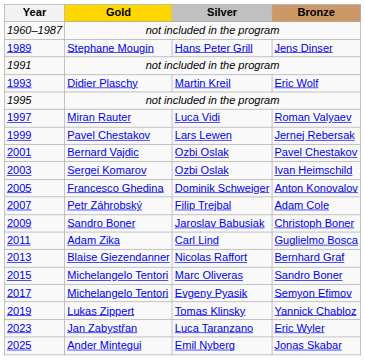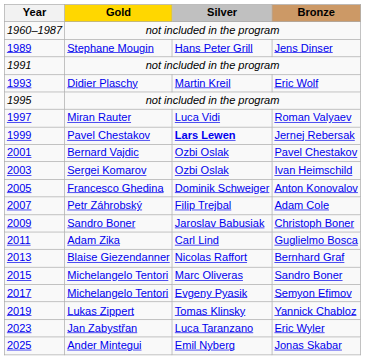 <table class="wikitable">
 <tr>
 <th>Year</th>
 <td align=center bgcolor=gold><strong>Gold</strong></td>
 <td align=center bgcolor=silver><strong>Silver</strong></td>
 <td align=center bgcolor=cc9966><strong>Bronze</strong></td>
 </tr>
 <tr>
 <td><em>1960–1987</em></td>
 <td colspan=3 align=center><em>not included in the program</em></td>
 </tr>
 <tr>
 <td><a href='#'>1989</a></td>
 <td> <a href='#'>Stephane Mougin</a></td>
 <td> <a href='#'>Hans Peter Grill</a></td>
 <td> <a href='#'>Jens Dinser</a></td>
 </tr>
 <tr>
 <td><em>1991</em></td>
 <td colspan=3 align=center><em>not included in the program</em></td>
 </tr>
 <tr>
 <td><a href='#'>1993</a></td>
 <td> <a href='#'>Didier Plaschy</a></td>
 <td> <a href='#'>Martin Kreil</a></td>
 <td> <a href='#'>Eric Wolf</a></td>
 </tr>
 <tr>
 <td><em>1995</em></td>
 <td colspan=3 align=center><em>not included in the program</em></td>
 </tr>
 <tr>
 <td><a href='#'>1997</a></td>
 <td> <a href='#'>Miran Rauter</a></td>
 <td> <a href='#'>Luca Vidi</a></td>
 <td> <a href='#'>Roman Valyaev</a></td>
 </tr>
 <tr>
 <td><a href='#'>1999</a></td>
 <td> <a href='#'>Pavel Chestakov</a></td>
-<td> <a href='#'>Lars Lewen</a></td>
+<td><strong> <a href='#'>Lars Lewen</a></strong></td>
 <td> <a href='#'>Jernej Rebersak</a></td>
 </tr>
 <tr>
 <td><a href='#'>2001</a></td>
 <td> <a href='#'>Bernard Vajdic</a></td>
 <td> <a href='#'>Ozbi Oslak</a></td>
 <td> <a href='#'>Pavel Chestakov</a></td>
 </tr>
 <tr>
 <td><a href='#'>2003</a></td>
 <td> <a href='#'>Sergei Komarov</a></td>
 <td> <a href='#'>Ozbi Oslak</a></td>
 <td> <a href='#'>Ivan Heimschild</a></td>
 </tr>
 <tr>
 <td><a href='#'>2005</a></td>
 <td> <a href='#'>Francesco Ghedina</a></td>
 <td> <a href='#'>Dominik Schweiger</a></td>
 <td> <a href='#'>Anton Konovalov</a></td>
 </tr>
 <tr>
 <td><a href='#'>2007</a></td>
 <td> <a href='#'>Petr Záhrobský</a></td>
 <td> <a href='#'>Filip Trejbal</a></td>
 <td> <a href='#'>Adam Cole</a></td>
 </tr>
 <tr>
 <td><a href='#'>2009</a></td>
 <td> <a href='#'>Sandro Boner</a></td>
 <td> <a href='#'>Jaroslav Babusiak</a></td>
 <td> <a href='#'>Christoph Boner</a></td>
 </tr>
 <tr>
 <td><a href='#'>2011</a></td>
 <td> <a href='#'>Adam Zika</a></td>
 <td> <a href='#'>Carl Lind</a></td>
 <td> <a href='#'>Guglielmo Bosca</a></td>
 </tr>
 <tr>
 <td><a href='#'>2013</a></td>
 <td> <a href='#'>Blaise Giezendanner</a></td>
 <td> <a href='#'>Nicolas Raffort</a></td>
 <td> <a href='#'>Bernhard Graf</a></td>
 </tr>
 <tr>
 <td><a href='#'>2015</a></td>
 <td> <a href='#'>Michelangelo Tentori</a></td>
 <td> <a href='#'>Marc Oliveras</a></td>
 <td> <a href='#'>Sandro Boner</a></td>
 </tr>
 <tr>
 <td><a href='#'>2017</a></td>
 <td> <a href='#'>Michelangelo Tentori</a></td>
 <td> <a href='#'>Evgeny Pyasik</a></td>
 <td> <a href='#'>Semyon Efimov</a></td>
 </tr>
 <tr>
 <td><a href='#'>2019</a></td>
 <td> <a href='#'>Lukas Zippert</a></td>
 <td> <a href='#'>Tomas Klinsky</a></td>
 <td> <a href='#'>Yannick Chabloz</a></td>
 </tr>
 <tr>
 <td><a href='#'>2023</a></td>
 <td> <a href='#'>Jan Zabystřan</a></td>
 <td> <a href='#'>Luca Taranzano</a></td>
 <td> <a href='#'>Eric Wyler</a></td>
 </tr>
 <tr>
 <td><a href='#'>2025</a></td>
 <td> <a href='#'>Ander Mintegui</a></td>
 <td> <a href='#'>Emil Nyberg</a></td>
 <td> <a href='#'>Jonas Skabar</a></td>
 </tr>
 </table>
